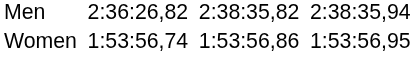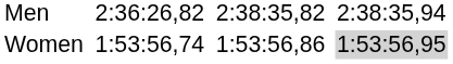 <table>
 <tr>
 <td>Men</td>
 <td></td>
 <td>2:36:26,82</td>
 <td></td>
 <td>2:38:35,82</td>
 <td></td>
 <td>2:38:35,94</td>
 </tr>
 <tr>
 <td>Women</td>
 <td></td>
 <td>1:53:56,74</td>
 <td></td>
 <td>1:53:56,86</td>
 <td></td>
-<td>1:53:56,95</td>
+<td style="background: lightgrey;">1:53:56,95</td>
 </tr>
 </table>
